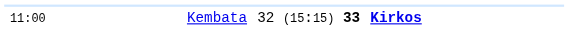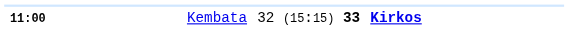 <table style="text-align:center" width=550>
 <tr>
 <th width=5%></th>
 <th width=25%></th>
 <th width=15%></th>
 <th width=25%></th>
 <th width=5%></th>
 </tr>
 <tr align="left" bgcolor=#D0E7FF>
 <td colspan=4></td>
 </tr>
 <tr>
-<td><small>11:00</small></td>
+<td><strong><small>11:00</small></strong></td>
 <td align="right"><a href='#'>Kembata</a> </td>
 <td>32 <small>(15</small>:<small>15)</small> <strong>33</strong></td>
 <td align=left> <strong><a href='#'>Kirkos</a></strong></td>
 <td></td>
 </tr>
 </table>
